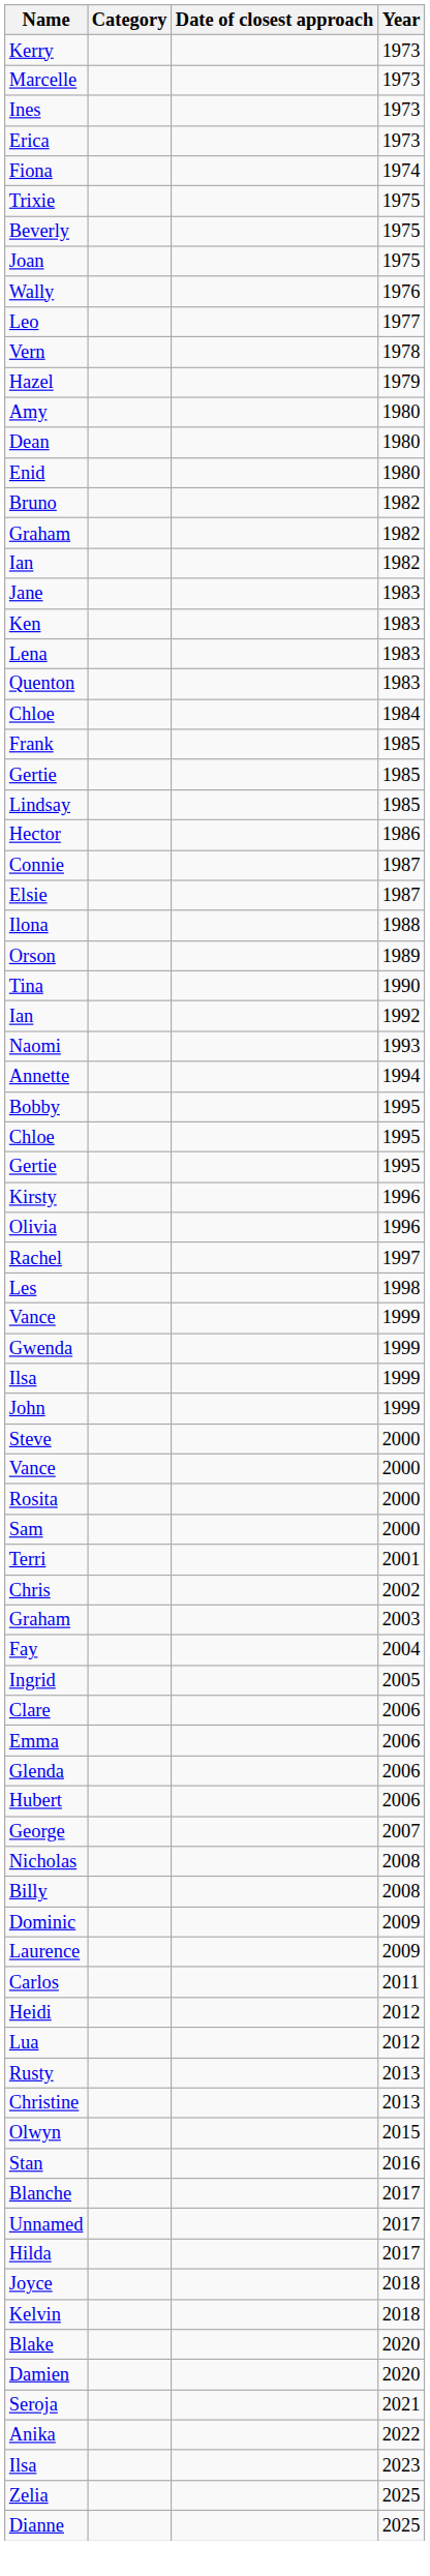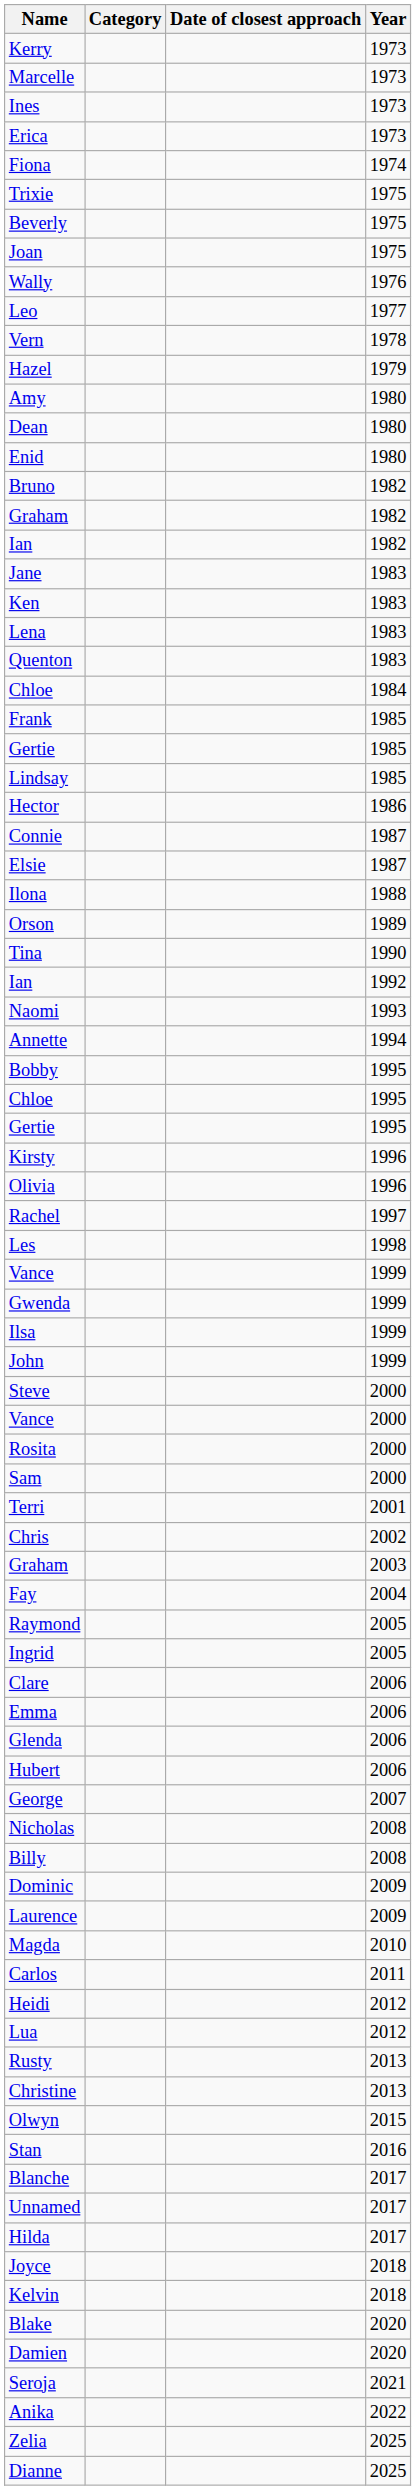 <table class = "wikitable">
 <tr>
 <th>Name</th>
 <th>Category</th>
 <th>Date of closest approach</th>
 <th>Year</th>
 </tr>
 <tr>
 <td><a href='#'>Kerry</a></td>
 <td></td>
 <td></td>
 <td>1973</td>
 </tr>
 <tr>
 <td><a href='#'>Marcelle</a></td>
 <td></td>
 <td></td>
 <td>1973</td>
 </tr>
 <tr>
 <td><a href='#'>Ines</a></td>
 <td></td>
 <td></td>
 <td>1973</td>
 </tr>
 <tr>
 <td><a href='#'>Erica</a></td>
 <td></td>
 <td></td>
 <td>1973</td>
 </tr>
 <tr>
 <td><a href='#'>Fiona</a></td>
 <td></td>
 <td></td>
 <td>1974</td>
 </tr>
 <tr>
 <td><a href='#'>Trixie</a></td>
 <td></td>
 <td></td>
 <td>1975</td>
 </tr>
 <tr>
 <td><a href='#'>Beverly</a></td>
 <td></td>
 <td></td>
 <td>1975</td>
 </tr>
 <tr>
 <td><a href='#'>Joan</a></td>
 <td></td>
 <td></td>
 <td>1975</td>
 </tr>
 <tr>
 <td><a href='#'>Wally</a></td>
 <td></td>
 <td></td>
 <td>1976</td>
 </tr>
 <tr>
 <td><a href='#'>Leo</a></td>
 <td></td>
 <td></td>
 <td>1977</td>
 </tr>
 <tr>
 <td><a href='#'>Vern</a></td>
 <td></td>
 <td></td>
 <td>1978</td>
 </tr>
 <tr>
 <td><a href='#'>Hazel</a></td>
 <td></td>
 <td></td>
 <td>1979</td>
 </tr>
 <tr>
 <td><a href='#'>Amy</a></td>
 <td></td>
 <td></td>
 <td>1980</td>
 </tr>
 <tr>
 <td><a href='#'>Dean</a></td>
 <td></td>
 <td></td>
 <td>1980</td>
 </tr>
 <tr>
 <td><a href='#'>Enid</a></td>
 <td></td>
 <td></td>
 <td>1980</td>
 </tr>
 <tr>
 <td><a href='#'>Bruno</a></td>
 <td></td>
 <td></td>
 <td>1982</td>
 </tr>
 <tr>
 <td><a href='#'>Graham</a></td>
 <td></td>
 <td></td>
 <td>1982</td>
 </tr>
 <tr>
 <td><a href='#'>Ian</a></td>
 <td></td>
 <td></td>
 <td>1982</td>
 </tr>
 <tr>
 <td><a href='#'>Jane</a></td>
 <td></td>
 <td></td>
 <td>1983</td>
 </tr>
 <tr>
 <td><a href='#'>Ken</a></td>
 <td></td>
 <td></td>
 <td>1983</td>
 </tr>
 <tr>
 <td><a href='#'>Lena</a></td>
 <td></td>
 <td></td>
 <td>1983</td>
 </tr>
 <tr>
 <td><a href='#'>Quenton</a></td>
 <td></td>
 <td></td>
 <td>1983</td>
 </tr>
 <tr>
 <td><a href='#'>Chloe</a></td>
 <td></td>
 <td></td>
 <td>1984</td>
 </tr>
 <tr>
 <td><a href='#'>Frank</a></td>
 <td></td>
 <td></td>
 <td>1985</td>
 </tr>
 <tr>
 <td><a href='#'>Gertie</a></td>
 <td></td>
 <td></td>
 <td>1985</td>
 </tr>
 <tr>
 <td><a href='#'>Lindsay</a></td>
 <td></td>
 <td></td>
 <td>1985</td>
 </tr>
 <tr>
 <td><a href='#'>Hector</a></td>
 <td></td>
 <td></td>
 <td>1986</td>
 </tr>
 <tr>
 <td><a href='#'>Connie</a></td>
 <td></td>
 <td></td>
 <td>1987</td>
 </tr>
 <tr>
 <td><a href='#'>Elsie</a></td>
 <td></td>
 <td></td>
 <td>1987</td>
 </tr>
 <tr>
 <td><a href='#'>Ilona</a></td>
 <td></td>
 <td></td>
 <td>1988</td>
 </tr>
 <tr>
 <td><a href='#'>Orson</a></td>
 <td></td>
 <td></td>
 <td>1989</td>
 </tr>
 <tr>
 <td><a href='#'>Tina</a></td>
 <td></td>
 <td></td>
 <td>1990</td>
 </tr>
 <tr>
 <td><a href='#'>Ian</a></td>
 <td></td>
 <td></td>
 <td>1992</td>
 </tr>
 <tr>
 <td><a href='#'>Naomi</a></td>
 <td></td>
 <td></td>
 <td>1993</td>
 </tr>
 <tr>
 <td><a href='#'>Annette</a></td>
 <td></td>
 <td></td>
 <td>1994</td>
 </tr>
 <tr>
 <td><a href='#'>Bobby</a></td>
 <td></td>
 <td></td>
 <td>1995</td>
 </tr>
 <tr>
 <td><a href='#'>Chloe</a></td>
 <td></td>
 <td></td>
 <td>1995</td>
 </tr>
 <tr>
 <td><a href='#'>Gertie</a></td>
 <td></td>
 <td></td>
 <td>1995</td>
 </tr>
 <tr>
 <td><a href='#'>Kirsty</a></td>
 <td></td>
 <td></td>
 <td>1996</td>
 </tr>
 <tr>
 <td><a href='#'>Olivia</a></td>
 <td></td>
 <td></td>
 <td>1996</td>
 </tr>
 <tr>
 <td><a href='#'>Rachel</a></td>
 <td></td>
 <td></td>
 <td>1997</td>
 </tr>
 <tr>
 <td><a href='#'>Les</a></td>
 <td></td>
 <td></td>
 <td>1998</td>
 </tr>
 <tr>
 <td><a href='#'>Vance</a></td>
 <td></td>
 <td></td>
 <td>1999</td>
 </tr>
 <tr>
 <td><a href='#'>Gwenda</a></td>
 <td></td>
 <td></td>
 <td>1999</td>
 </tr>
 <tr>
 <td><a href='#'>Ilsa</a></td>
 <td></td>
 <td></td>
 <td>1999</td>
 </tr>
 <tr>
 <td><a href='#'>John</a></td>
 <td></td>
 <td></td>
 <td>1999</td>
 </tr>
 <tr>
 <td><a href='#'>Steve</a></td>
 <td></td>
 <td></td>
 <td>2000</td>
 </tr>
 <tr>
 <td><a href='#'>Vance</a></td>
 <td></td>
 <td></td>
 <td>2000</td>
 </tr>
 <tr>
 <td><a href='#'>Rosita</a></td>
 <td></td>
 <td></td>
 <td>2000</td>
 </tr>
 <tr>
 <td><a href='#'>Sam</a></td>
 <td></td>
 <td></td>
 <td>2000</td>
 </tr>
 <tr>
 <td><a href='#'>Terri</a></td>
 <td></td>
 <td></td>
 <td>2001</td>
 </tr>
 <tr>
 <td><a href='#'>Chris</a></td>
 <td></td>
 <td></td>
 <td>2002</td>
 </tr>
 <tr>
 <td><a href='#'>Graham</a></td>
 <td></td>
 <td></td>
 <td>2003</td>
 </tr>
 <tr>
 <td><a href='#'>Fay</a></td>
 <td></td>
 <td></td>
 <td>2004</td>
 </tr>
 <tr>
+<td><a href='#'>Raymond</a></td>
+<td></td>
+<td></td>
+<td>2005</td>
+</tr>
+<tr>
 <td><a href='#'>Ingrid</a></td>
 <td></td>
 <td></td>
 <td>2005</td>
 </tr>
 <tr>
 <td><a href='#'>Clare</a></td>
 <td></td>
 <td></td>
 <td>2006</td>
 </tr>
 <tr>
 <td><a href='#'>Emma</a></td>
 <td></td>
 <td></td>
 <td>2006</td>
 </tr>
 <tr>
 <td><a href='#'>Glenda</a></td>
 <td></td>
 <td></td>
 <td>2006</td>
 </tr>
 <tr>
 <td><a href='#'>Hubert</a></td>
 <td></td>
 <td></td>
 <td>2006</td>
 </tr>
 <tr>
 <td><a href='#'>George</a></td>
 <td></td>
 <td></td>
 <td>2007</td>
 </tr>
 <tr>
 <td><a href='#'>Nicholas</a></td>
 <td></td>
 <td></td>
 <td>2008</td>
 </tr>
 <tr>
 <td><a href='#'>Billy</a></td>
 <td></td>
 <td></td>
 <td>2008</td>
 </tr>
 <tr>
 <td><a href='#'>Dominic</a></td>
 <td></td>
 <td></td>
 <td>2009</td>
 </tr>
 <tr>
 <td><a href='#'>Laurence</a></td>
 <td></td>
 <td></td>
 <td>2009</td>
+</tr>
+<tr>
+<td><a href='#'>Magda</a></td>
+<td></td>
+<td></td>
+<td>2010</td>
 </tr>
 <tr>
 <td><a href='#'>Carlos</a></td>
 <td></td>
 <td></td>
 <td>2011</td>
 </tr>
 <tr>
 <td><a href='#'>Heidi</a></td>
 <td></td>
 <td></td>
 <td>2012</td>
 </tr>
 <tr>
 <td><a href='#'>Lua</a></td>
 <td></td>
 <td></td>
 <td>2012</td>
 </tr>
 <tr>
 <td><a href='#'>Rusty</a></td>
 <td></td>
 <td></td>
 <td>2013</td>
 </tr>
 <tr>
 <td><a href='#'>Christine</a></td>
 <td></td>
 <td></td>
 <td>2013</td>
 </tr>
 <tr>
 <td><a href='#'>Olwyn</a></td>
 <td></td>
 <td></td>
 <td>2015</td>
 </tr>
 <tr>
 <td><a href='#'>Stan</a></td>
 <td></td>
 <td></td>
 <td>2016</td>
 </tr>
 <tr>
 <td><a href='#'>Blanche</a></td>
 <td></td>
 <td></td>
 <td>2017</td>
 </tr>
 <tr>
 <td><a href='#'>Unnamed</a></td>
 <td></td>
 <td></td>
 <td>2017</td>
 </tr>
 <tr>
 <td><a href='#'>Hilda</a></td>
 <td></td>
 <td></td>
 <td>2017</td>
 </tr>
 <tr>
 <td><a href='#'>Joyce</a></td>
 <td></td>
 <td></td>
 <td>2018</td>
 </tr>
 <tr>
 <td><a href='#'>Kelvin</a></td>
 <td></td>
 <td></td>
 <td>2018</td>
 </tr>
 <tr>
 <td><a href='#'>Blake</a></td>
 <td></td>
 <td></td>
 <td>2020</td>
 </tr>
 <tr>
 <td><a href='#'>Damien</a></td>
 <td></td>
 <td></td>
 <td>2020</td>
 </tr>
 <tr>
 <td><a href='#'>Seroja</a></td>
 <td></td>
 <td></td>
 <td>2021</td>
 </tr>
 <tr>
 <td><a href='#'>Anika</a></td>
 <td></td>
 <td></td>
 <td>2022</td>
 </tr>
 <tr>
-<td><a href='#'>Ilsa</a></td>
-<td></td>
-<td></td>
-<td>2023</td>
-</tr>
-<tr>
 <td><a href='#'>Zelia</a></td>
 <td></td>
 <td></td>
 <td>2025</td>
 </tr>
 <tr>
 <td><a href='#'>Dianne</a></td>
 <td></td>
 <td></td>
 <td>2025</td>
 </tr>
 </table>
